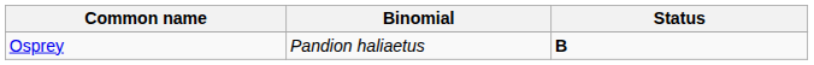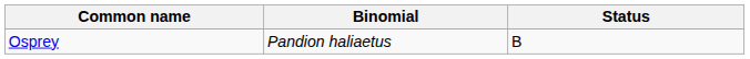 <table width=60% class="wikitable">
 <tr>
 <th width=35%>Common name</th>
 <th width=33%>Binomial</th>
 <th width=32%>Status</th>
 </tr>
 <tr>
 </tr>
 <tr>
 <td><a href='#'>Osprey</a></td>
 <td><em>Pandion haliaetus</em></td>
-<td><strong>B</strong></td>
+<td>B</td>
 </tr>
 </table>
